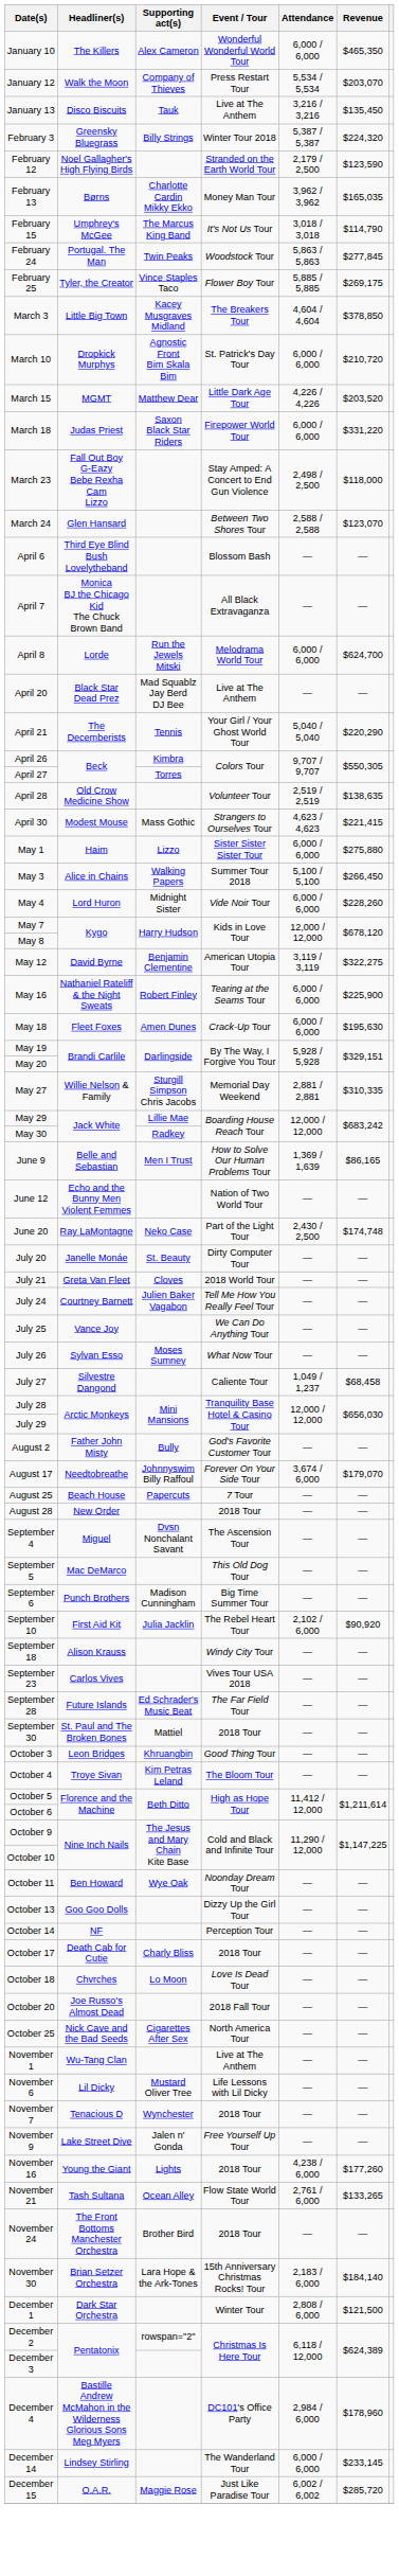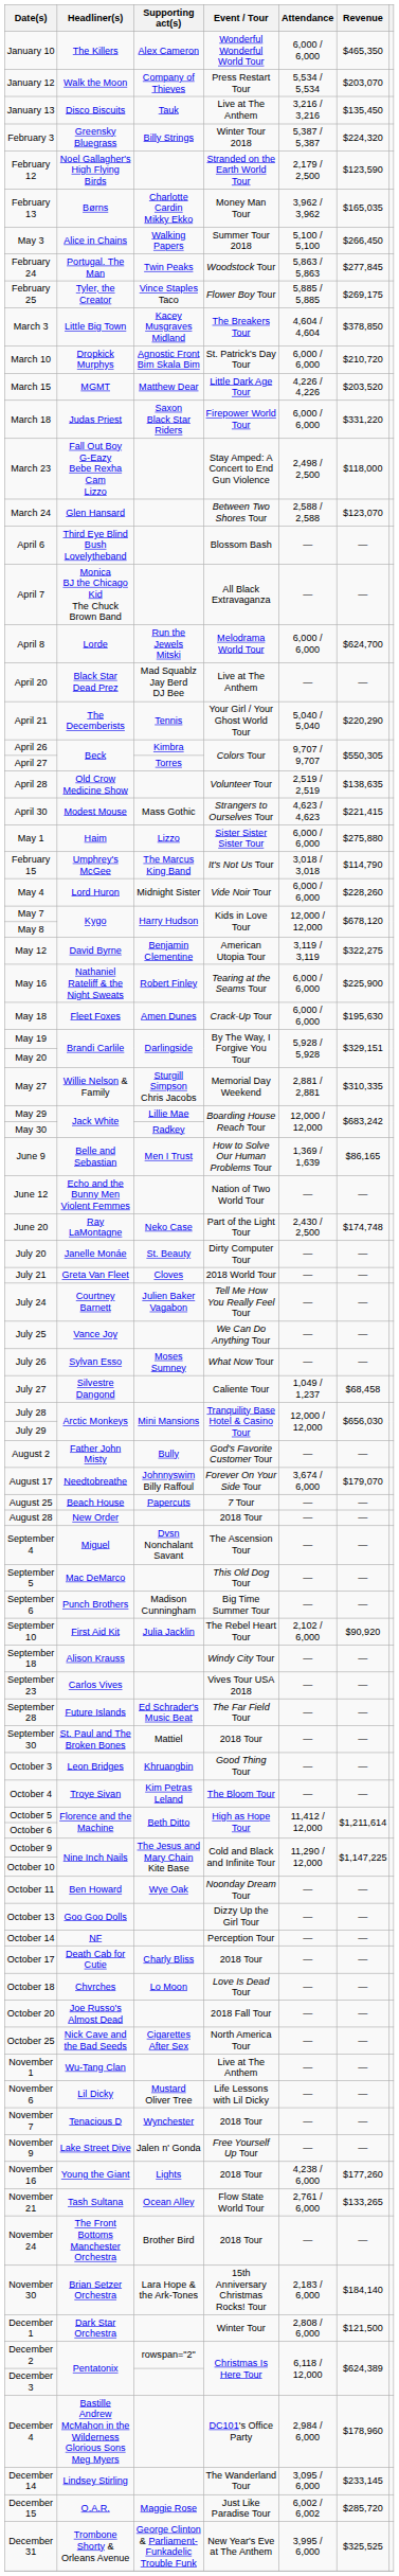 <table class="wikitable" style="text-align:center; font-size: 96%;" width=100%>
 <tr>
 <th>Date(s)</th>
 <th>Headliner(s)</th>
 <th>Supporting act(s)</th>
 <th>Event / Tour</th>
 <th>Attendance</th>
 <th>Revenue</th>
 <th></th>
 </tr>
 <tr>
 <td>January 10</td>
 <td><a href='#'>The Killers</a></td>
 <td><a href='#'>Alex Cameron</a></td>
 <td><a href='#'>Wonderful Wonderful World Tour</a></td>
 <td>6,000 / 6,000</td>
 <td>$465,350</td>
 <td></td>
 </tr>
 <tr>
 <td>January 12</td>
 <td><a href='#'>Walk the Moon</a></td>
 <td><a href='#'>Company of Thieves</a></td>
 <td>Press Restart Tour</td>
 <td>5,534 / 5,534</td>
 <td>$203,070</td>
 <td></td>
 </tr>
 <tr>
 <td>January 13</td>
 <td><a href='#'>Disco Biscuits</a></td>
 <td><a href='#'>Tauk</a></td>
 <td>Live at The Anthem</td>
 <td>3,216 / 3,216</td>
 <td>$135,450</td>
 <td></td>
 </tr>
 <tr>
 <td>February 3</td>
 <td><a href='#'>Greensky Bluegrass</a></td>
 <td><a href='#'>Billy Strings</a></td>
 <td>Winter Tour 2018</td>
 <td>5,387 / 5,387</td>
 <td>$224,320</td>
 <td></td>
 </tr>
 <tr>
 <td>February 12</td>
 <td><a href='#'>Noel Gallagher's High Flying Birds</a></td>
 <td></td>
 <td><a href='#'>Stranded on the Earth World Tour</a></td>
 <td>2,179 / 2,500</td>
 <td>$123,590</td>
 <td></td>
 </tr>
 <tr>
 <td>February 13</td>
 <td><a href='#'>Børns</a></td>
 <td><a href='#'>Charlotte Cardin</a><br><a href='#'>Mikky Ekko</a></td>
 <td>Money Man Tour</td>
 <td>3,962 / 3,962</td>
 <td>$165,035</td>
 <td></td>
 </tr>
 <tr>
-<td>February 15</td>
-<td><a href='#'>Umphrey's McGee</a></td>
-<td><a href='#'>The Marcus King Band</a></td>
-<td><em>It's Not Us</em> Tour</td>
-<td>3,018 / 3,018</td>
-<td>$114,790</td>
+<td>May 3</td>
+<td><a href='#'>Alice in Chains</a></td>
+<td><a href='#'>Walking Papers</a></td>
+<td>Summer Tour 2018</td>
+<td>5,100 / 5,100</td>
+<td>$266,450</td>
 <td></td>
 </tr>
 <tr>
 <td>February 24</td>
 <td><a href='#'>Portugal. The Man</a></td>
 <td><a href='#'>Twin Peaks</a></td>
 <td><em>Woodstock</em> Tour</td>
 <td>5,863 / 5,863</td>
 <td>$277,845</td>
 <td></td>
 </tr>
 <tr>
 <td>February 25</td>
 <td><a href='#'>Tyler, the Creator</a></td>
 <td><a href='#'>Vince Staples</a><br>Taco</td>
 <td><em>Flower Boy</em> Tour</td>
 <td>5,885 / 5,885</td>
 <td>$269,175</td>
 <td></td>
 </tr>
 <tr>
 <td>March 3</td>
 <td><a href='#'>Little Big Town</a></td>
 <td><a href='#'>Kacey Musgraves</a><br><a href='#'>Midland</a></td>
 <td><a href='#'>The Breakers Tour</a></td>
 <td>4,604 / 4,604</td>
 <td>$378,850</td>
 <td></td>
 </tr>
 <tr>
 <td>March 10</td>
 <td><a href='#'>Dropkick Murphys</a></td>
 <td><a href='#'>Agnostic Front</a><br><a href='#'>Bim Skala Bim</a></td>
 <td>St. Patrick's Day Tour</td>
 <td>6,000 / 6,000</td>
 <td>$210,720</td>
 <td></td>
 </tr>
 <tr>
 <td>March 15</td>
 <td><a href='#'>MGMT</a></td>
 <td><a href='#'>Matthew Dear</a></td>
 <td><a href='#'>Little Dark Age Tour</a></td>
 <td>4,226 / 4,226</td>
 <td>$203,520</td>
 <td></td>
 </tr>
 <tr>
 <td>March 18</td>
 <td><a href='#'>Judas Priest</a></td>
 <td><a href='#'>Saxon</a><br><a href='#'>Black Star Riders</a></td>
 <td><a href='#'>Firepower World Tour</a></td>
 <td>6,000 / 6,000</td>
 <td>$331,220</td>
 <td></td>
 </tr>
 <tr>
 <td>March 23</td>
 <td><a href='#'>Fall Out Boy</a><br><a href='#'>G-Eazy</a><br><a href='#'>Bebe Rexha</a><br><a href='#'>Cam</a><br><a href='#'>Lizzo</a></td>
 <td></td>
 <td>Stay Amped: A Concert to End Gun Violence</td>
 <td>2,498 / 2,500</td>
 <td>$118,000</td>
 <td></td>
 </tr>
 <tr>
 <td>March 24</td>
 <td><a href='#'>Glen Hansard</a></td>
 <td></td>
 <td><em>Between Two Shores</em> Tour</td>
 <td>2,588 / 2,588</td>
 <td>$123,070</td>
 <td></td>
 </tr>
 <tr>
 <td>April 6</td>
 <td><a href='#'>Third Eye Blind</a><br><a href='#'>Bush</a><br><a href='#'>Lovelytheband</a></td>
 <td></td>
 <td>Blossom Bash</td>
 <td>—</td>
 <td>—</td>
 <td></td>
 </tr>
 <tr>
 <td>April 7</td>
 <td><a href='#'>Monica</a><br><a href='#'>BJ the Chicago Kid</a><br>The Chuck Brown Band</td>
 <td></td>
 <td>All Black Extravaganza</td>
 <td>—</td>
 <td>—</td>
 <td></td>
 </tr>
 <tr>
 <td>April 8</td>
 <td><a href='#'>Lorde</a></td>
 <td><a href='#'>Run the Jewels</a><br><a href='#'>Mitski</a></td>
 <td><a href='#'>Melodrama World Tour</a></td>
 <td>6,000 / 6,000</td>
 <td>$624,700</td>
 <td></td>
 </tr>
 <tr>
 <td>April 20</td>
 <td><a href='#'>Black Star</a><br><a href='#'>Dead Prez</a></td>
 <td>Mad Squablz<br>Jay Berd<br>DJ Bee</td>
 <td>Live at The Anthem</td>
 <td>—</td>
 <td>—</td>
 <td></td>
 </tr>
 <tr>
 <td>April 21</td>
 <td><a href='#'>The Decemberists</a></td>
 <td><a href='#'>Tennis</a></td>
 <td>Your Girl / Your Ghost World Tour</td>
 <td>5,040 / 5,040</td>
 <td>$220,290</td>
 <td></td>
 </tr>
 <tr>
 <td>April 26</td>
 <td rowspan="2"><a href='#'>Beck</a></td>
 <td><a href='#'>Kimbra</a></td>
 <td rowspan="2"><em>Colors</em> Tour</td>
 <td rowspan="2">9,707 / 9,707</td>
 <td rowspan="2">$550,305</td>
 <td rowspan="2"></td>
 </tr>
 <tr>
 <td>April 27</td>
 <td><a href='#'>Torres</a></td>
 </tr>
 <tr>
 <td>April 28</td>
 <td><a href='#'>Old Crow Medicine Show</a></td>
 <td></td>
 <td><em>Volunteer</em> Tour</td>
 <td>2,519 / 2,519</td>
 <td>$138,635</td>
 <td></td>
 </tr>
 <tr>
 <td>April 30</td>
 <td><a href='#'>Modest Mouse</a></td>
 <td>Mass Gothic</td>
 <td><em>Strangers to Ourselves</em> Tour</td>
 <td>4,623 / 4,623</td>
 <td>$221,415</td>
 <td></td>
 </tr>
 <tr>
 <td>May 1</td>
 <td><a href='#'>Haim</a></td>
 <td><a href='#'>Lizzo</a></td>
 <td><a href='#'>Sister Sister Sister Tour</a></td>
 <td>6,000 / 6,000</td>
 <td>$275,880</td>
 <td></td>
 </tr>
 <tr>
-<td>May 3</td>
-<td><a href='#'>Alice in Chains</a></td>
-<td><a href='#'>Walking Papers</a></td>
-<td>Summer Tour 2018</td>
-<td>5,100 / 5,100</td>
-<td>$266,450</td>
+<td>February 15</td>
+<td><a href='#'>Umphrey's McGee</a></td>
+<td><a href='#'>The Marcus King Band</a></td>
+<td><em>It's Not Us</em> Tour</td>
+<td>3,018 / 3,018</td>
+<td>$114,790</td>
 <td></td>
 </tr>
 <tr>
 <td>May 4</td>
 <td><a href='#'>Lord Huron</a></td>
 <td>Midnight Sister</td>
 <td><em>Vide Noir</em> Tour</td>
 <td>6,000 / 6,000</td>
 <td>$228,260</td>
 <td></td>
 </tr>
 <tr>
 <td>May 7</td>
 <td rowspan="2"><a href='#'>Kygo</a></td>
 <td rowspan="2"><a href='#'>Harry Hudson</a></td>
 <td rowspan="2">Kids in Love Tour</td>
 <td rowspan="2">12,000 / 12,000</td>
 <td rowspan="2">$678,120</td>
 <td rowspan="2"></td>
 </tr>
 <tr>
 <td>May 8</td>
 </tr>
 <tr>
 <td>May 12</td>
 <td><a href='#'>David Byrne</a></td>
 <td><a href='#'>Benjamin Clementine</a></td>
 <td>American Utopia Tour</td>
 <td>3,119 / 3,119</td>
 <td>$322,275</td>
 <td></td>
 </tr>
 <tr>
 <td>May 16</td>
 <td><a href='#'>Nathaniel Rateliff & the Night Sweats</a></td>
 <td><a href='#'>Robert Finley</a></td>
 <td><em>Tearing at the Seams</em> Tour</td>
 <td>6,000 / 6,000</td>
 <td>$225,900</td>
 <td></td>
 </tr>
 <tr>
 <td>May 18</td>
 <td><a href='#'>Fleet Foxes</a></td>
 <td><a href='#'>Amen Dunes</a></td>
 <td><em>Crack-Up</em> Tour</td>
 <td>6,000 / 6,000</td>
 <td>$195,630</td>
 <td></td>
 </tr>
 <tr>
 <td>May 19</td>
 <td rowspan="2"><a href='#'>Brandi Carlile</a></td>
 <td rowspan="2"><a href='#'>Darlingside</a></td>
 <td rowspan="2">By The Way, I Forgive You Tour</td>
 <td rowspan="2">5,928 / 5,928</td>
 <td rowspan="2">$329,151</td>
 <td rowspan="2"></td>
 </tr>
 <tr>
 <td>May 20</td>
 </tr>
 <tr>
 <td>May 27</td>
 <td><a href='#'>Willie Nelson</a> & Family</td>
 <td><a href='#'>Sturgill Simpson</a><br>Chris Jacobs</td>
 <td>Memorial Day Weekend</td>
 <td>2,881 / 2,881</td>
 <td>$310,335</td>
 <td></td>
 </tr>
 <tr>
 <td>May 29</td>
 <td rowspan="2"><a href='#'>Jack White</a></td>
 <td><a href='#'>Lillie Mae</a></td>
 <td rowspan="2"><em>Boarding House Reach</em> Tour</td>
 <td rowspan="2">12,000 / 12,000</td>
 <td rowspan="2">$683,242</td>
 <td rowspan="2"></td>
 </tr>
 <tr>
 <td>May 30</td>
 <td><a href='#'>Radkey</a></td>
 </tr>
 <tr>
 <td>June 9</td>
 <td><a href='#'>Belle and Sebastian</a></td>
 <td><a href='#'>Men I Trust</a></td>
 <td><em>How to Solve Our Human Problems</em> Tour</td>
 <td>1,369 / 1,639</td>
 <td>$86,165</td>
 <td></td>
 </tr>
 <tr>
 <td>June 12</td>
 <td><a href='#'>Echo and the Bunny Men</a><br><a href='#'>Violent Femmes</a></td>
 <td></td>
 <td>Nation of Two World Tour</td>
 <td>—</td>
 <td>—</td>
 <td></td>
 </tr>
 <tr>
 <td>June 20</td>
 <td><a href='#'>Ray LaMontagne</a></td>
 <td><a href='#'>Neko Case</a></td>
 <td>Part of the Light Tour</td>
 <td>2,430 / 2,500</td>
 <td>$174,748</td>
 <td></td>
 </tr>
 <tr>
 <td>July 20</td>
 <td><a href='#'>Janelle Monáe</a></td>
 <td><a href='#'>St. Beauty</a></td>
 <td>Dirty Computer Tour</td>
 <td>—</td>
 <td>—</td>
 <td></td>
 </tr>
 <tr>
 <td>July 21</td>
 <td><a href='#'>Greta Van Fleet</a></td>
 <td><a href='#'>Cloves</a></td>
 <td>2018 World Tour</td>
 <td>—</td>
 <td>—</td>
 <td></td>
 </tr>
 <tr>
 <td>July 24</td>
 <td><a href='#'>Courtney Barnett</a></td>
 <td><a href='#'>Julien Baker</a><br><a href='#'>Vagabon</a></td>
 <td><em>Tell Me How You Really Feel</em> Tour</td>
 <td>—</td>
 <td>—</td>
 <td></td>
 </tr>
 <tr>
 <td>July 25</td>
 <td><a href='#'>Vance Joy</a></td>
 <td></td>
 <td><em>We Can Do Anything</em> Tour</td>
 <td>—</td>
 <td>—</td>
 <td></td>
 </tr>
 <tr>
 <td>July 26</td>
 <td><a href='#'>Sylvan Esso</a></td>
 <td><a href='#'>Moses Sumney</a></td>
 <td><em>What Now</em> Tour</td>
 <td>—</td>
 <td>—</td>
 <td></td>
 </tr>
 <tr>
 <td>July 27</td>
 <td><a href='#'>Silvestre Dangond</a></td>
 <td></td>
 <td>Caliente Tour</td>
 <td>1,049 / 1,237</td>
 <td>$68,458</td>
 <td></td>
 </tr>
 <tr>
 <td>July 28</td>
 <td rowspan="2"><a href='#'>Arctic Monkeys</a></td>
 <td rowspan="2"><a href='#'>Mini Mansions</a></td>
 <td rowspan="2"><a href='#'>Tranquility Base Hotel & Casino Tour</a></td>
 <td rowspan="2">12,000 / 12,000</td>
 <td rowspan="2">$656,030</td>
 <td rowspan="2"></td>
 </tr>
 <tr>
 <td>July 29</td>
 </tr>
 <tr>
 <td>August 2</td>
 <td><a href='#'>Father John Misty</a></td>
 <td><a href='#'>Bully</a></td>
 <td><em>God's Favorite Customer</em> Tour</td>
 <td>—</td>
 <td>—</td>
 <td></td>
 </tr>
 <tr>
 <td>August 17</td>
 <td><a href='#'>Needtobreathe</a></td>
 <td><a href='#'>Johnnyswim</a><br>Billy Raffoul</td>
 <td><em>Forever On Your Side</em> Tour</td>
 <td>3,674 / 6,000</td>
 <td>$179,070</td>
 <td></td>
 </tr>
 <tr>
 <td>August 25</td>
 <td><a href='#'>Beach House</a></td>
 <td><a href='#'>Papercuts</a></td>
 <td><em>7</em> Tour</td>
 <td>—</td>
 <td>—</td>
 <td></td>
 </tr>
 <tr>
 <td>August 28</td>
 <td><a href='#'>New Order</a></td>
 <td></td>
 <td>2018 Tour</td>
 <td>—</td>
 <td>—</td>
 <td></td>
 </tr>
 <tr>
 <td>September 4</td>
 <td><a href='#'>Miguel</a></td>
 <td><a href='#'>Dvsn</a><br>Nonchalant Savant</td>
 <td>The Ascension Tour</td>
 <td>—</td>
 <td>—</td>
 <td></td>
 </tr>
 <tr>
 <td>September 5</td>
 <td><a href='#'>Mac DeMarco</a></td>
 <td></td>
 <td><em>This Old Dog</em> Tour</td>
 <td>—</td>
 <td>—</td>
 <td></td>
 </tr>
 <tr>
 <td>September 6</td>
 <td><a href='#'>Punch Brothers</a></td>
 <td>Madison Cunningham</td>
 <td>Big Time Summer Tour</td>
 <td>—</td>
 <td>—</td>
 <td></td>
 </tr>
 <tr>
 <td>September 10</td>
 <td><a href='#'>First Aid Kit</a></td>
 <td><a href='#'>Julia Jacklin</a></td>
 <td>The Rebel Heart Tour</td>
 <td>2,102 / 6,000</td>
 <td>$90,920</td>
 <td></td>
 </tr>
 <tr>
 <td>September 18</td>
 <td><a href='#'>Alison Krauss</a></td>
 <td></td>
 <td><em>Windy City</em> Tour</td>
 <td>—</td>
 <td>—</td>
 <td></td>
 </tr>
 <tr>
 <td>September 23</td>
 <td><a href='#'>Carlos Vives</a></td>
 <td></td>
 <td>Vives Tour USA 2018</td>
 <td>—</td>
 <td>—</td>
 <td></td>
 </tr>
 <tr>
 <td>September 28</td>
 <td><a href='#'>Future Islands</a></td>
 <td><a href='#'>Ed Schrader's Music Beat</a></td>
 <td><em>The Far Field</em> Tour</td>
 <td>—</td>
 <td>—</td>
 <td></td>
 </tr>
 <tr>
 <td>September 30</td>
 <td><a href='#'>St. Paul and The Broken Bones</a></td>
 <td>Mattiel</td>
 <td>2018 Tour</td>
 <td>—</td>
 <td>—</td>
 <td></td>
 </tr>
 <tr>
 <td>October 3</td>
 <td><a href='#'>Leon Bridges</a></td>
 <td><a href='#'>Khruangbin</a></td>
 <td><em>Good Thing</em> Tour</td>
 <td>—</td>
 <td>—</td>
 <td></td>
 </tr>
 <tr>
 <td>October 4</td>
 <td><a href='#'>Troye Sivan</a></td>
 <td><a href='#'>Kim Petras</a><br><a href='#'>Leland</a></td>
 <td><a href='#'>The Bloom Tour</a></td>
 <td>—</td>
 <td>—</td>
 <td></td>
 </tr>
 <tr>
 <td>October 5</td>
 <td rowspan="2"><a href='#'>Florence and the Machine</a></td>
 <td rowspan="2"><a href='#'>Beth Ditto</a></td>
 <td rowspan="2"><a href='#'>High as Hope Tour</a></td>
 <td rowspan="2">11,412 / 12,000</td>
 <td rowspan="2">$1,211,614</td>
 <td rowspan="2"></td>
 </tr>
 <tr>
 <td>October 6</td>
 </tr>
 <tr>
 <td>October 9</td>
 <td rowspan="2"><a href='#'>Nine Inch Nails</a></td>
 <td rowspan="2"><a href='#'>The Jesus and Mary Chain</a><br>Kite Base</td>
 <td rowspan="2">Cold and Black and Infinite Tour</td>
 <td rowspan="2">11,290 / 12,000</td>
 <td rowspan="2">$1,147,225</td>
 <td rowspan="2"></td>
 </tr>
 <tr>
 <td>October 10</td>
 </tr>
 <tr>
 <td>October 11</td>
 <td><a href='#'>Ben Howard</a></td>
 <td><a href='#'>Wye Oak</a></td>
 <td><em>Noonday Dream</em> Tour</td>
 <td>—</td>
 <td>—</td>
 <td></td>
 </tr>
 <tr>
 <td>October 13</td>
 <td><a href='#'>Goo Goo Dolls</a></td>
 <td></td>
 <td>Dizzy Up the Girl Tour</td>
 <td>—</td>
 <td>—</td>
 <td></td>
 </tr>
 <tr>
 <td>October 14</td>
 <td><a href='#'>NF</a></td>
 <td></td>
 <td>Perception Tour</td>
 <td>—</td>
 <td>—</td>
 <td></td>
 </tr>
 <tr>
 <td>October 17</td>
 <td><a href='#'>Death Cab for Cutie</a></td>
 <td><a href='#'>Charly Bliss</a></td>
 <td>2018 Tour</td>
 <td>—</td>
 <td>—</td>
 <td></td>
 </tr>
 <tr>
 <td>October 18</td>
 <td><a href='#'>Chvrches</a></td>
 <td><a href='#'>Lo Moon</a></td>
 <td><em>Love Is Dead</em> Tour</td>
 <td>—</td>
 <td>—</td>
 <td></td>
 </tr>
 <tr>
 <td>October 20</td>
 <td><a href='#'>Joe Russo's Almost Dead</a></td>
 <td></td>
 <td>2018 Fall Tour</td>
 <td>—</td>
 <td>—</td>
 <td></td>
 </tr>
 <tr>
 <td>October 25</td>
 <td><a href='#'>Nick Cave and the Bad Seeds</a></td>
 <td><a href='#'>Cigarettes After Sex</a></td>
 <td>North America Tour</td>
 <td>—</td>
 <td>—</td>
 <td></td>
 </tr>
 <tr>
 <td>November 1</td>
 <td><a href='#'>Wu-Tang Clan</a></td>
 <td></td>
 <td>Live at The Anthem</td>
 <td>—</td>
 <td>—</td>
 <td></td>
 </tr>
 <tr>
 <td>November 6</td>
 <td><a href='#'>Lil Dicky</a></td>
 <td><a href='#'>Mustard</a><br>Oliver Tree</td>
 <td>Life Lessons with Lil Dicky</td>
 <td>—</td>
 <td>—</td>
 <td></td>
 </tr>
 <tr>
 <td>November 7</td>
 <td><a href='#'>Tenacious D</a></td>
 <td><a href='#'>Wynchester</a></td>
 <td>2018 Tour</td>
 <td>—</td>
 <td>—</td>
 <td></td>
 </tr>
 <tr>
 <td>November 9</td>
 <td><a href='#'>Lake Street Dive</a></td>
 <td>Jalen n' Gonda</td>
 <td><em>Free Yourself Up</em> Tour</td>
 <td>—</td>
 <td>—</td>
 <td></td>
 </tr>
 <tr>
 <td>November 16</td>
 <td><a href='#'>Young the Giant</a></td>
 <td><a href='#'>Lights</a></td>
 <td>2018 Tour</td>
 <td>4,238 / 6,000</td>
 <td>$177,260</td>
 <td></td>
 </tr>
 <tr>
 <td>November 21</td>
 <td><a href='#'>Tash Sultana</a></td>
 <td><a href='#'>Ocean Alley</a></td>
 <td>Flow State World Tour</td>
 <td>2,761 / 6,000</td>
 <td>$133,265</td>
 <td></td>
 </tr>
 <tr>
 <td>November 24</td>
 <td><a href='#'>The Front Bottoms</a><br><a href='#'>Manchester Orchestra</a></td>
 <td>Brother Bird</td>
 <td>2018 Tour</td>
 <td>—</td>
 <td>—</td>
 <td></td>
 </tr>
 <tr>
 <td>November 30</td>
 <td><a href='#'>Brian Setzer Orchestra</a></td>
 <td>Lara Hope & the Ark-Tones</td>
 <td>15th Anniversary Christmas Rocks! Tour</td>
 <td>2,183 / 6,000</td>
 <td>$184,140</td>
 <td></td>
 </tr>
 <tr>
 <td>December 1</td>
 <td><a href='#'>Dark Star Orchestra</a></td>
 <td></td>
 <td>Winter Tour</td>
 <td>2,808 / 6,000</td>
 <td>$121,500</td>
 <td></td>
 </tr>
 <tr>
 <td>December 2</td>
 <td rowspan="2"><a href='#'>Pentatonix</a></td>
 <td>rowspan="2" </td>
 <td rowspan="2"><a href='#'>Christmas Is Here Tour</a></td>
 <td rowspan="2">6,118 / 12,000</td>
 <td rowspan="2">$624,389</td>
 <td rowspan="2"></td>
 </tr>
 <tr>
 <td>December 3</td>
 </tr>
 <tr>
 <td>December 4</td>
 <td><a href='#'>Bastille</a><br><a href='#'>Andrew McMahon in the Wilderness</a><br><a href='#'>Glorious Sons</a><br><a href='#'>Meg Myers</a></td>
 <td></td>
 <td><a href='#'>DC101</a>'s Office Party</td>
 <td>2,984 / 6,000</td>
 <td>$178,960</td>
 <td></td>
 </tr>
 <tr>
 <td>December 14</td>
 <td><a href='#'>Lindsey Stirling</a></td>
 <td></td>
 <td>The Wanderland Tour</td>
-<td>6,000 / 6,000</td>
+<td>3,095 / 6,000</td>
 <td>$233,145</td>
 <td></td>
 </tr>
 <tr>
 <td>December 15</td>
 <td><a href='#'>O.A.R.</a></td>
 <td><a href='#'>Maggie Rose</a></td>
 <td>Just Like Paradise Tour</td>
 <td>6,002 / 6,002</td>
 <td>$285,720</td>
 <td></td>
 </tr>
 <tr>
+<td>December 31</td>
+<td><a href='#'>Trombone Shorty</a> & Orleans Avenue</td>
+<td><a href='#'>George Clinton</a> & <a href='#'>Parliament-Funkadelic</a><br><a href='#'>Trouble Funk</a></td>
+<td>New Year's Eve at The Anthem</td>
+<td>3,995 / 6,000</td>
+<td>$325,525</td>
+<td></td>
+</tr>
+<tr>
 </tr>
 </table>
